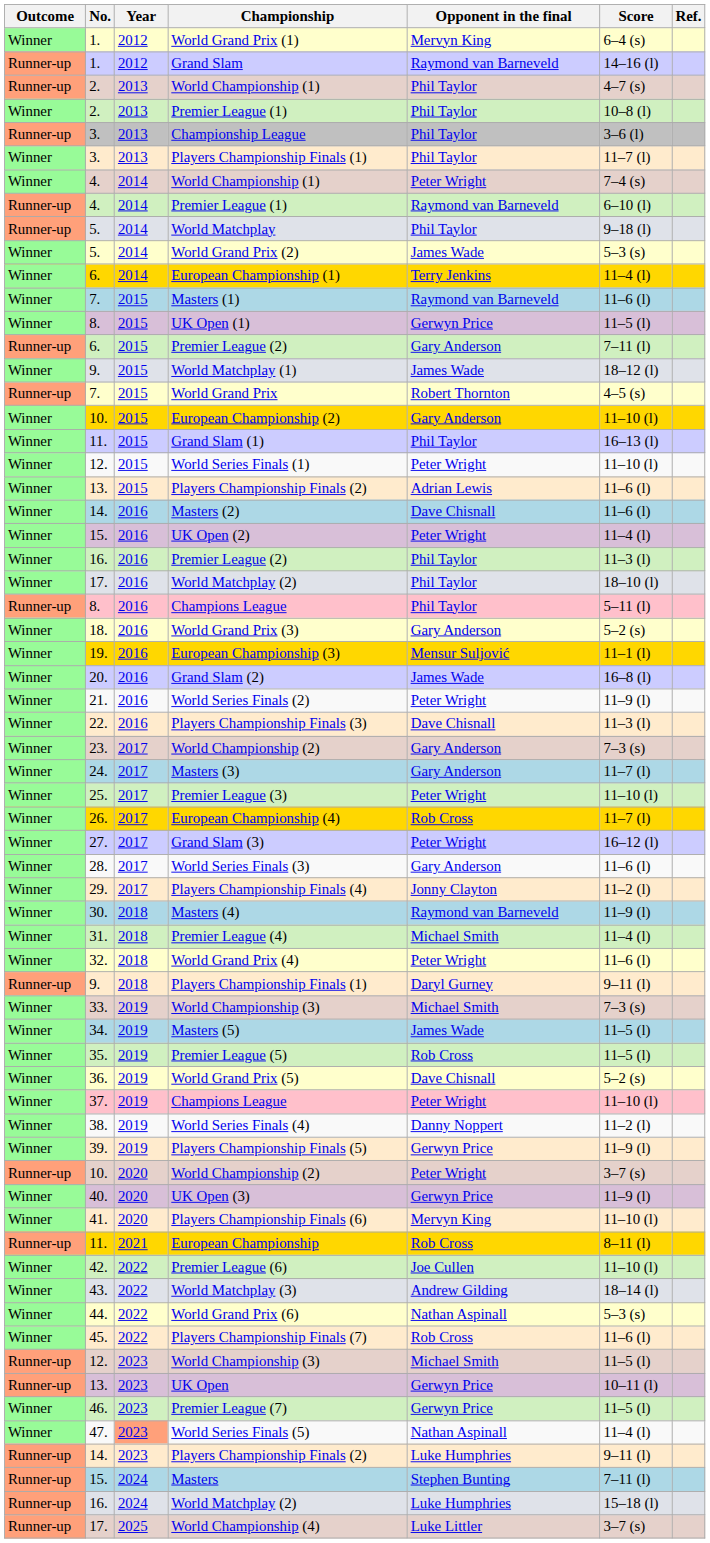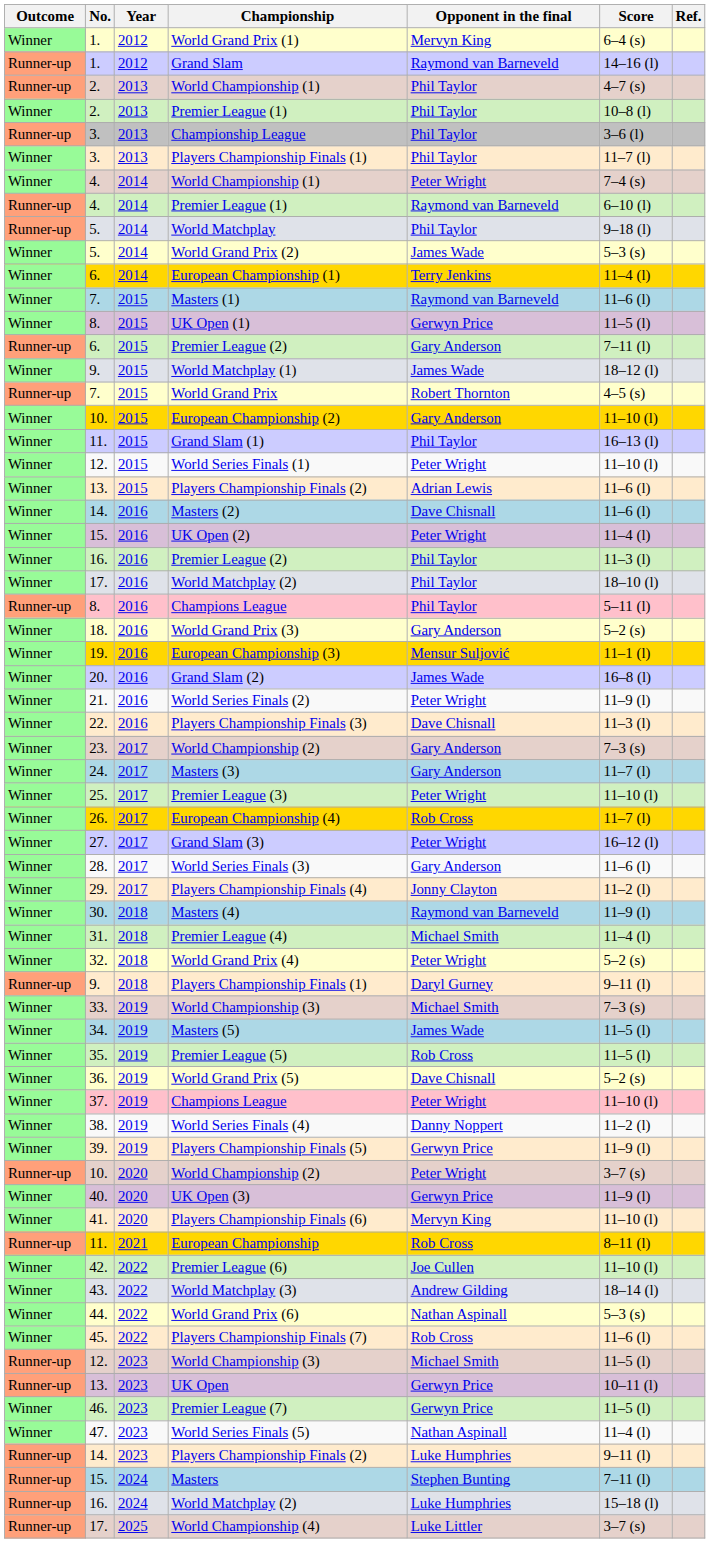 <table class="wikitable sortable">
 <tr>
 <th width="80">Outcome</th>
 <th width="20">No.</th>
 <th width="50">Year</th>
 <th style="width:250px;">Championship</th>
 <th style="width:200px;">Opponent in the final</th>
 <th width="70">Score</th>
 <th width="20">Ref.</th>
 </tr>
 <tr style="background:#ffc;">
 <td style="background:#98FB98">Winner</td>
 <td>1.</td>
 <td><a href='#'>2012</a></td>
 <td><a href='#'>World Grand Prix</a> (1)</td>
 <td> <a href='#'>Mervyn King</a></td>
 <td>6–4 (s)</td>
 <td style="text-align:center;"></td>
 </tr>
 <tr style="background:#ccf;">
 <td style="background:#ffa07a;">Runner-up</td>
 <td>1.</td>
 <td><a href='#'>2012</a></td>
 <td><a href='#'>Grand Slam</a></td>
 <td> <a href='#'>Raymond van Barneveld</a></td>
 <td>14–16 (l)</td>
 <td style="text-align:center;"></td>
 </tr>
 <tr style="background:#e5d1cb;">
 <td style="background:#ffa07a;">Runner-up</td>
 <td>2.</td>
 <td><a href='#'>2013</a></td>
 <td><a href='#'>World Championship</a> (1)</td>
 <td> <a href='#'>Phil Taylor</a></td>
 <td>4–7 (s)</td>
 <td style="text-align:center;"></td>
 </tr>
 <tr style="background:#d0f0c0;">
 <td style="background:#98FB98">Winner</td>
 <td>2.</td>
 <td><a href='#'>2013</a></td>
 <td><a href='#'>Premier League</a> (1)</td>
 <td> <a href='#'>Phil Taylor</a></td>
 <td>10–8 (l)</td>
 <td style="text-align:center;"></td>
 </tr>
 <tr style="background:silver;">
 <td style="background:#ffa07a;">Runner-up</td>
 <td>3.</td>
 <td><a href='#'>2013</a></td>
 <td><a href='#'>Championship League</a></td>
 <td> <a href='#'>Phil Taylor</a></td>
 <td>3–6 (l)</td>
 <td style="text-align:center;"></td>
 </tr>
 <tr style="background:#ffebcd;">
 <td style="background:#98FB98">Winner</td>
 <td>3.</td>
 <td><a href='#'>2013</a></td>
 <td><a href='#'>Players Championship Finals</a> (1)</td>
 <td> <a href='#'>Phil Taylor</a></td>
 <td>11–7 (l)</td>
 <td style="text-align:center;"></td>
 </tr>
 <tr style="background:#e5d1cb;">
 <td style="background:#98FB98">Winner</td>
 <td>4.</td>
 <td><a href='#'>2014</a></td>
 <td><a href='#'>World Championship</a> (1)</td>
 <td> <a href='#'>Peter Wright</a></td>
 <td>7–4 (s)</td>
 <td style="text-align:center;"></td>
 </tr>
 <tr style="background:#d0f0c0;">
 <td style="background:#ffa07a;">Runner-up</td>
 <td>4.</td>
 <td><a href='#'>2014</a></td>
 <td><a href='#'>Premier League</a> (1)</td>
 <td> <a href='#'>Raymond van Barneveld</a></td>
 <td>6–10 (l)</td>
 <td style="text-align:center;"></td>
 </tr>
 <tr style="background:#dfe2e9;">
 <td style="background:#ffa07a;">Runner-up</td>
 <td>5.</td>
 <td><a href='#'>2014</a></td>
 <td><a href='#'>World Matchplay</a></td>
 <td> <a href='#'>Phil Taylor</a></td>
 <td>9–18 (l)</td>
 <td style="text-align:center;"></td>
 </tr>
 <tr style="background:#ffc;">
 <td style="background:#98FB98;">Winner</td>
 <td>5.</td>
 <td><a href='#'>2014</a></td>
 <td><a href='#'>World Grand Prix</a> (2)</td>
 <td> <a href='#'>James Wade</a></td>
 <td>5–3 (s)</td>
 <td style="text-align:center;"></td>
 </tr>
 <tr style="background:gold;">
 <td style="background:#98FB98;">Winner</td>
 <td>6.</td>
 <td><a href='#'>2014</a></td>
 <td><a href='#'>European Championship</a> (1)</td>
 <td> <a href='#'>Terry Jenkins</a></td>
 <td>11–4 (l)</td>
 <td style="text-align:center;"></td>
 </tr>
 <tr style="background:lightblue;">
 <td style="background:#98FB98">Winner</td>
 <td>7.</td>
 <td><a href='#'>2015</a></td>
 <td><a href='#'>Masters</a> (1)</td>
 <td> <a href='#'>Raymond van Barneveld</a></td>
 <td>11–6 (l)</td>
 <td style="text-align:center;"></td>
 </tr>
 <tr style="background:thistle">
 <td style="background:#98FB98;">Winner</td>
 <td>8.</td>
 <td><a href='#'>2015</a></td>
 <td><a href='#'>UK Open</a> (1)</td>
 <td> <a href='#'>Gerwyn Price</a></td>
 <td>11–5 (l)</td>
 <td style="text-align:center;"></td>
 </tr>
 <tr style="background:#d0f0c0;">
 <td style="background:#ffa07a;">Runner-up</td>
 <td>6.</td>
 <td><a href='#'>2015</a></td>
 <td><a href='#'>Premier League</a> (2)</td>
 <td> <a href='#'>Gary Anderson</a></td>
 <td>7–11 (l)</td>
 <td style="text-align:center;"></td>
 </tr>
 <tr style="background:#dfe2e9;">
 <td style="background:#98FB98;">Winner</td>
 <td>9.</td>
 <td><a href='#'>2015</a></td>
 <td><a href='#'>World Matchplay</a> (1)</td>
 <td> <a href='#'>James Wade</a></td>
 <td>18–12 (l)</td>
 <td style="text-align:center;"></td>
 </tr>
 <tr style="background:#ffc;">
 <td style="background:#ffa07a;">Runner-up</td>
 <td>7.</td>
 <td><a href='#'>2015</a></td>
 <td><a href='#'>World Grand Prix</a></td>
 <td> <a href='#'>Robert Thornton</a></td>
 <td>4–5 (s)</td>
 <td style="text-align:center;"></td>
 </tr>
 <tr style="background:gold;">
 <td style="background:#98FB98;">Winner</td>
 <td>10.</td>
 <td><a href='#'>2015</a></td>
 <td><a href='#'>European Championship</a> (2)</td>
 <td> <a href='#'>Gary Anderson</a></td>
 <td>11–10 (l)</td>
 <td style="text-align:center;"></td>
 </tr>
 <tr style="background:#ccf;">
 <td style="background:#98FB98;">Winner</td>
 <td>11.</td>
 <td><a href='#'>2015</a></td>
 <td><a href='#'>Grand Slam</a> (1)</td>
 <td> <a href='#'>Phil Taylor</a></td>
 <td>16–13 (l)</td>
 <td style="text-align:center;"></td>
 </tr>
 <tr>
 <td style="background:#98fb98;">Winner</td>
 <td>12.</td>
 <td><a href='#'>2015</a></td>
 <td><a href='#'>World Series Finals</a> (1)</td>
 <td> <a href='#'>Peter Wright</a></td>
 <td>11–10 (l)</td>
 </tr>
 <tr style="background:#ffebcd;">
 <td style="background: #98fb98;">Winner</td>
 <td>13.</td>
 <td><a href='#'>2015</a></td>
 <td><a href='#'>Players Championship Finals</a> (2)</td>
 <td> <a href='#'>Adrian Lewis</a></td>
 <td>11–6 (l)</td>
 <td style="text-align:center;"></td>
 </tr>
 <tr style="background:lightblue;">
 <td style="background:#98FB98;">Winner</td>
 <td>14.</td>
 <td><a href='#'>2016</a></td>
 <td><a href='#'>Masters</a> (2)</td>
 <td> <a href='#'>Dave Chisnall</a></td>
 <td>11–6 (l)</td>
 <td style="text-align:center;"></td>
 </tr>
 <tr style="background:thistle">
 <td style="background:#98FB98;">Winner</td>
 <td>15.</td>
 <td><a href='#'>2016</a></td>
 <td><a href='#'>UK Open</a> (2)</td>
 <td> <a href='#'>Peter Wright</a></td>
 <td>11–4 (l)</td>
 <td style="text-align:center;"></td>
 </tr>
 <tr style="background:#d0f0c0;">
 <td style="background:#98FB98;">Winner</td>
 <td>16.</td>
 <td><a href='#'>2016</a></td>
 <td><a href='#'>Premier League</a> (2)</td>
 <td> <a href='#'>Phil Taylor</a></td>
 <td>11–3 (l)</td>
 <td style="text-align:center;"></td>
 </tr>
 <tr style="background:#dfe2e9;">
 <td style="background:#98FB98;">Winner</td>
 <td>17.</td>
 <td><a href='#'>2016</a></td>
 <td><a href='#'>World Matchplay</a> (2)</td>
 <td> <a href='#'>Phil Taylor</a></td>
 <td>18–10 (l)</td>
 <td style="text-align:center;"></td>
 </tr>
 <tr style="background:pink;">
 <td style="background:#ffa07a;">Runner-up</td>
 <td>8.</td>
 <td><a href='#'>2016</a></td>
 <td><a href='#'>Champions League</a></td>
 <td> <a href='#'>Phil Taylor</a></td>
 <td>5–11 (l)</td>
 <td style="text-align:center;"></td>
 </tr>
 <tr style="background:#ffc;">
 <td style="background:#98FB98;">Winner</td>
 <td>18.</td>
 <td><a href='#'>2016</a></td>
 <td><a href='#'>World Grand Prix</a> (3)</td>
 <td> <a href='#'>Gary Anderson</a></td>
 <td>5–2 (s)</td>
 <td style="text-align:center;"></td>
 </tr>
 <tr style="background:gold;">
 <td style="background:#98FB98;">Winner</td>
 <td>19.</td>
 <td><a href='#'>2016</a></td>
 <td><a href='#'>European Championship</a> (3)</td>
 <td> <a href='#'>Mensur Suljović</a></td>
 <td>11–1 (l)</td>
 <td style="text-align:center;"></td>
 </tr>
 <tr style="background:#ccf;">
 <td style="background:#98FB98;">Winner</td>
 <td>20.</td>
 <td><a href='#'>2016</a></td>
 <td><a href='#'>Grand Slam</a> (2)</td>
 <td> <a href='#'>James Wade</a></td>
 <td>16–8 (l)</td>
 <td style="text-align:center;"></td>
 </tr>
 <tr>
 <td style="background:#98fb98;">Winner</td>
 <td>21.</td>
 <td><a href='#'>2016</a></td>
 <td><a href='#'>World Series Finals</a> (2)</td>
 <td> <a href='#'>Peter Wright</a></td>
 <td>11–9 (l)</td>
 <td style="text-align:center;"></td>
 </tr>
 <tr style="background:#ffebcd;">
 <td style="background:#98FB98;">Winner</td>
 <td>22.</td>
 <td><a href='#'>2016</a></td>
 <td><a href='#'>Players Championship Finals</a> (3)</td>
 <td> <a href='#'>Dave Chisnall</a></td>
 <td>11–3 (l)</td>
 <td style="text-align:center;"></td>
 </tr>
 <tr style="background:#e5d1cb;">
 <td style="background:#98FB98">Winner</td>
 <td>23.</td>
 <td><a href='#'>2017</a></td>
 <td><a href='#'>World Championship</a> (2)</td>
 <td> <a href='#'>Gary Anderson</a></td>
 <td>7–3 (s)</td>
 <td style="text-align:center;"></td>
 </tr>
 <tr style="background:lightblue;">
 <td style="background:#98FB98;">Winner</td>
 <td>24.</td>
 <td><a href='#'>2017</a></td>
 <td><a href='#'>Masters</a> (3)</td>
 <td> <a href='#'>Gary Anderson</a></td>
 <td>11–7 (l)</td>
 <td style="text-align:center;"></td>
 </tr>
 <tr style="background:#d0f0c0;">
 <td style="background:#98FB98">Winner</td>
 <td>25.</td>
 <td><a href='#'>2017</a></td>
 <td><a href='#'>Premier League</a> (3)</td>
 <td> <a href='#'>Peter Wright</a></td>
 <td>11–10 (l)</td>
 <td style="text-align:center;"></td>
 </tr>
 <tr style="background:gold;">
 <td style="background:#98FB98;">Winner</td>
 <td>26.</td>
 <td><a href='#'>2017</a></td>
 <td><a href='#'>European Championship</a> (4)</td>
 <td> <a href='#'>Rob Cross</a></td>
 <td>11–7 (l)</td>
 <td style="text-align:center;"></td>
 </tr>
 <tr style="background:#ccf;">
 <td style="background:#98FB98;">Winner</td>
 <td>27.</td>
 <td><a href='#'>2017</a></td>
 <td><a href='#'>Grand Slam</a> (3)</td>
 <td> <a href='#'>Peter Wright</a></td>
 <td>16–12 (l)</td>
 <td style="text-align:center;"></td>
 </tr>
 <tr>
 <td style="background:#98FB98;">Winner</td>
 <td>28.</td>
 <td><a href='#'>2017</a></td>
 <td><a href='#'>World Series Finals</a> (3)</td>
 <td> <a href='#'>Gary Anderson</a></td>
 <td>11–6 (l)</td>
 </tr>
 <tr style="background:#ffebcd;">
 <td style="background:#98FB98;">Winner</td>
 <td>29.</td>
 <td><a href='#'>2017</a></td>
 <td><a href='#'>Players Championship Finals</a> (4)</td>
 <td> <a href='#'>Jonny Clayton</a></td>
 <td>11–2 (l)</td>
 <td></td>
 </tr>
 <tr style="background:lightblue;">
 <td style="background:#98FB98;">Winner</td>
 <td>30.</td>
 <td><a href='#'>2018</a></td>
 <td><a href='#'>Masters</a> (4)</td>
 <td> <a href='#'>Raymond van Barneveld</a></td>
 <td>11–9 (l)</td>
 <td></td>
 </tr>
 <tr style="background:#d0f0c0;">
 <td style="background:#98FB98;">Winner</td>
 <td>31.</td>
 <td><a href='#'>2018</a></td>
 <td><a href='#'>Premier League</a> (4)</td>
 <td> <a href='#'>Michael Smith</a></td>
 <td>11–4 (l)</td>
 <td></td>
 </tr>
 <tr style="background:#ffc;">
 <td style="background:#98FB98;">Winner</td>
 <td>32.</td>
 <td><a href='#'>2018</a></td>
 <td><a href='#'>World Grand Prix</a> (4)</td>
 <td> <a href='#'>Peter Wright</a></td>
-<td>11–6 (l)</td>
+<td>5–2 (s)</td>
 <td></td>
 </tr>
 <tr style="background:#ffebcd;">
 <td style="background:#ffa07a;">Runner-up</td>
 <td>9.</td>
 <td><a href='#'>2018</a></td>
 <td><a href='#'>Players Championship Finals</a> (1)</td>
 <td> <a href='#'>Daryl Gurney</a></td>
 <td>9–11 (l)</td>
 <td></td>
 </tr>
 <tr style="background:#e5d1cb;">
 <td style="background:#98FB98">Winner</td>
 <td>33.</td>
 <td><a href='#'>2019</a></td>
 <td><a href='#'>World Championship</a> (3)</td>
 <td> <a href='#'>Michael Smith</a></td>
 <td>7–3 (s)</td>
 <td></td>
 </tr>
 <tr style="background:lightblue;">
 <td style="background:#98FB98;">Winner</td>
 <td>34.</td>
 <td><a href='#'>2019</a></td>
 <td><a href='#'>Masters</a> (5)</td>
 <td> <a href='#'>James Wade</a></td>
 <td>11–5 (l)</td>
 <td></td>
 </tr>
 <tr style="background:#d0f0c0;">
 <td style="background:#98FB98;">Winner</td>
 <td>35.</td>
 <td><a href='#'>2019</a></td>
 <td><a href='#'>Premier League</a> (5)</td>
 <td> <a href='#'>Rob Cross</a></td>
 <td>11–5 (l)</td>
 <td></td>
 </tr>
 <tr style="background:#ffc;">
 <td style="background:#98FB98;">Winner</td>
 <td>36.</td>
 <td><a href='#'>2019</a></td>
 <td><a href='#'>World Grand Prix</a> (5)</td>
 <td> <a href='#'>Dave Chisnall</a></td>
 <td>5–2 (s)</td>
 <td></td>
 </tr>
 <tr style="background:pink;">
 <td style="background:#98FB98;">Winner</td>
 <td>37.</td>
 <td><a href='#'>2019</a></td>
 <td><a href='#'>Champions League</a></td>
 <td> <a href='#'>Peter Wright</a></td>
 <td>11–10 (l)</td>
 <td></td>
 </tr>
 <tr>
 <td style="background:#98FB98;">Winner</td>
 <td>38.</td>
 <td><a href='#'>2019</a></td>
 <td><a href='#'>World Series Finals</a> (4)</td>
 <td> <a href='#'>Danny Noppert</a></td>
 <td>11–2 (l)</td>
 </tr>
 <tr style="background:#ffebcd;">
 <td style="background:#98FB98;">Winner</td>
 <td>39.</td>
 <td><a href='#'>2019</a></td>
 <td><a href='#'>Players Championship Finals</a> (5)</td>
 <td> <a href='#'>Gerwyn Price</a></td>
 <td>11–9 (l)</td>
 <td></td>
 </tr>
 <tr style="background:#e5d1cb;">
 <td style="background:#ffa07a;">Runner-up</td>
 <td>10.</td>
 <td><a href='#'>2020</a></td>
 <td><a href='#'>World Championship</a> (2)</td>
 <td> <a href='#'>Peter Wright</a></td>
 <td>3–7 (s)</td>
 <td></td>
 </tr>
 <tr style="background:thistle">
 <td style="background:#98FB98;">Winner</td>
 <td>40.</td>
 <td><a href='#'>2020</a></td>
 <td><a href='#'>UK Open</a> (3)</td>
 <td> <a href='#'>Gerwyn Price</a></td>
 <td>11–9 (l)</td>
 <td></td>
 </tr>
 <tr style="background:#ffebcd;">
 <td style="background:#98FB98;">Winner</td>
 <td>41.</td>
 <td><a href='#'>2020</a></td>
 <td><a href='#'>Players Championship Finals</a> (6)</td>
 <td> <a href='#'>Mervyn King</a></td>
 <td>11–10 (l)</td>
 <td></td>
 </tr>
 <tr style="background:gold;">
 <td style="background:#ffa07a;">Runner-up</td>
 <td>11.</td>
 <td><a href='#'>2021</a></td>
 <td><a href='#'>European Championship</a></td>
 <td> <a href='#'>Rob Cross</a></td>
 <td>8–11 (l)</td>
 <td></td>
 </tr>
 <tr style="background:#d0f0c0;">
 <td style="background:#98FB98;">Winner</td>
 <td>42.</td>
 <td><a href='#'>2022</a></td>
 <td><a href='#'>Premier League</a> (6)</td>
 <td> <a href='#'>Joe Cullen</a></td>
 <td>11–10 (l)</td>
 <td></td>
 </tr>
 <tr style="background:#dfe2e9;">
 <td style="background:#98FB98;">Winner</td>
 <td>43.</td>
 <td><a href='#'>2022</a></td>
 <td><a href='#'>World Matchplay</a> (3)</td>
 <td> <a href='#'>Andrew Gilding</a></td>
 <td>18–14 (l)</td>
 <td></td>
 </tr>
 <tr style="background:#ffc;">
 <td style="background:#98FB98;">Winner</td>
 <td>44.</td>
 <td><a href='#'>2022</a></td>
 <td><a href='#'>World Grand Prix</a> (6)</td>
 <td> <a href='#'>Nathan Aspinall</a></td>
 <td>5–3 (s)</td>
 <td></td>
 </tr>
 <tr style="background:#ffebcd;">
 <td style="background:#98FB98;">Winner</td>
 <td>45.</td>
 <td><a href='#'>2022</a></td>
 <td><a href='#'>Players Championship Finals</a> (7)</td>
 <td> <a href='#'>Rob Cross</a></td>
 <td>11–6 (l)</td>
 <td></td>
 </tr>
 <tr style="background:#e5d1cb;">
 <td style="background:#ffa07a;">Runner-up</td>
 <td>12.</td>
 <td><a href='#'>2023</a></td>
 <td><a href='#'>World Championship</a> (3)</td>
 <td> <a href='#'>Michael Smith</a></td>
 <td>11–5 (l)</td>
 <td></td>
 </tr>
 <tr style="background:thistle">
 <td style="background:#ffa07a;">Runner-up</td>
 <td>13.</td>
 <td><a href='#'>2023</a></td>
 <td><a href='#'>UK Open</a></td>
 <td> <a href='#'>Gerwyn Price</a></td>
 <td>10–11 (l)</td>
 <td></td>
 </tr>
 <tr style="background:#d0f0c0;">
 <td style="background:#98FB98;">Winner</td>
 <td>46.</td>
 <td><a href='#'>2023</a></td>
 <td><a href='#'>Premier League</a> (7)</td>
 <td> <a href='#'>Gerwyn Price</a></td>
 <td>11–5 (l)</td>
 <td></td>
 </tr>
 <tr>
 <td style="background:#98FB98;">Winner</td>
 <td>47.</td>
-<td style="background: lightsalmon;"><a href='#'>2023</a></td>
+<td><a href='#'>2023</a></td>
 <td><a href='#'>World Series Finals</a> (5)</td>
 <td> <a href='#'>Nathan Aspinall</a></td>
 <td>11–4 (l)</td>
 <td></td>
 </tr>
 <tr style="background:#ffebcd;">
 <td style="background:#ffa07a;">Runner-up</td>
 <td>14.</td>
 <td><a href='#'>2023</a></td>
 <td><a href='#'>Players Championship Finals</a> (2)</td>
 <td> <a href='#'>Luke Humphries</a></td>
 <td>9–11 (l)</td>
 <td></td>
 </tr>
 <tr style="background:lightblue">
 <td style="background:#ffa07a;">Runner-up</td>
 <td>15.</td>
 <td><a href='#'>2024</a></td>
 <td><a href='#'>Masters</a></td>
 <td> <a href='#'>Stephen Bunting</a></td>
 <td>7–11 (l)</td>
 <td style="text-align:center;"></td>
 </tr>
 <tr style="background:#dfe2e9;">
 <td style="background:#ffa07a;">Runner-up</td>
 <td>16.</td>
 <td><a href='#'>2024</a></td>
 <td><a href='#'>World Matchplay</a> (2)</td>
 <td> <a href='#'>Luke Humphries</a></td>
 <td>15–18 (l)</td>
 <td></td>
 </tr>
 <tr style="background:#e5d1cb;">
 <td style="background:#ffa07a;">Runner-up</td>
 <td>17.</td>
 <td><a href='#'>2025</a></td>
 <td><a href='#'>World Championship</a> (4)</td>
 <td> <a href='#'>Luke Littler</a></td>
 <td>3–7 (s)</td>
 <td></td>
 </tr>
 </table>
